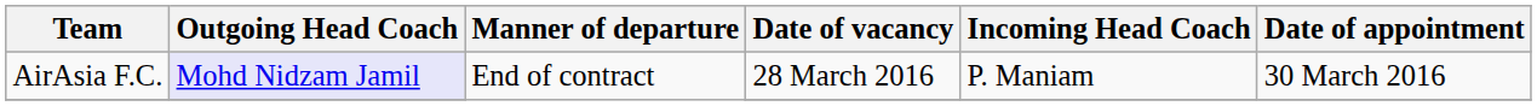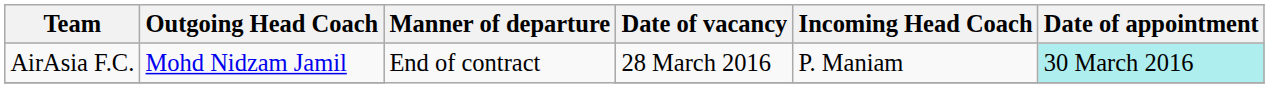 <table class="wikitable">
 <tr>
 <th>Team</th>
 <th>Outgoing Head Coach</th>
 <th>Manner of departure</th>
 <th>Date of vacancy</th>
 <th>Incoming Head Coach</th>
 <th>Date of appointment</th>
 </tr>
 <tr>
 <td>AirAsia F.C.</td>
-<td style="background: lavender;"> <a href='#'>Mohd Nidzam Jamil</a></td>
+<td> <a href='#'>Mohd Nidzam Jamil</a></td>
 <td rowspan=4>End of contract</td>
 <td>28 March 2016</td>
 <td> P. Maniam</td>
-<td>30 March 2016</td>
+<td style="background: paleturquoise;">30 March 2016</td>
 </tr>
 <tr>
 </tr>
 </table>
